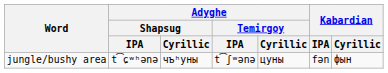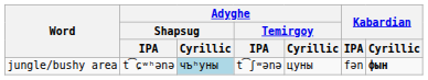 <table class="wikitable" border="1" text-align="right">
 <tr>
 <th rowspan="3">Word</th>
 <th colspan="4"><a href='#'>Adyghe</a></th>
 <th colspan="2" rowspan="2"><a href='#'>Kabardian</a></th>
 </tr>
 <tr>
 <th colspan="2">Shapsug</th>
 <th colspan="2"><a href='#'>Temirgoy</a></th>
 </tr>
 <tr>
 <th>IPA</th>
 <th>Cyrillic</th>
 <th>IPA</th>
 <th>Cyrillic</th>
 <th>IPA</th>
 <th>Cyrillic</th>
 </tr>
 <tr>
 <td>jungle/bushy area</td>
 <td>t͡ɕʷʰənə</td>
-<td>чъʰуны</td>
+<td style="background: lightblue;">чъʰуны</td>
 <td>t͡ʃʷənə</td>
 <td>цуны</td>
 <td>fən</td>
-<td>фын</td>
+<td><strong>фын</strong></td>
 </tr>
 </table>
